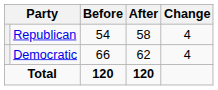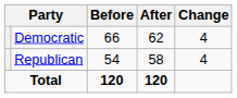 <table class="wikitable" style="text-align:center;">
 <tr>
 <th colspan="2">Party</th>
 <th>Before</th>
 <th>After</th>
 <th>Change</th>
 </tr>
 <tr>
 <th style="background-color:"></th>
-<td style="text-align:left;"><a href='#'>Republican</a></td>
-<td>54</td>
-<td>58</td>
+<td style="text-align:left;"><a href='#'>Democratic</a></td>
+<td>66</td>
+<td>62</td>
 <td> 4</td>
 </tr>
 <tr>
 <th style="background-color:"></th>
-<td style="text-align:left;"><a href='#'>Democratic</a></td>
-<td>66</td>
-<td>62</td>
+<td style="text-align:left;"><a href='#'>Republican</a></td>
+<td>54</td>
+<td>58</td>
 <td> 4</td>
 </tr>
 <tr>
 <td colspan="2"><strong>Total</strong></td>
 <td><strong>120</strong></td>
 <td><strong>120</strong></td>
 <td></td>
 </tr>
 </table>
